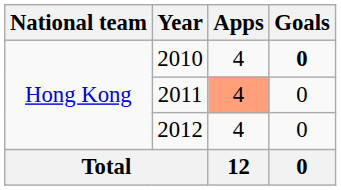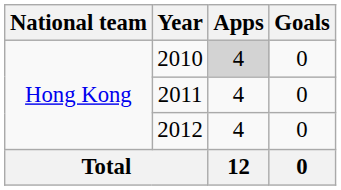 <table class="wikitable" style="text-align:center">
 <tr>
 <th>National team</th>
 <th>Year</th>
 <th>Apps</th>
 <th>Goals</th>
 </tr>
 <tr>
 <td rowspan="3"><a href='#'>Hong Kong</a></td>
 <td>2010</td>
-<td>4</td>
-<td><strong>0</strong></td>
+<td style="background: lightgrey;">4</td>
+<td>0</td>
 </tr>
 <tr>
 <td>2011</td>
-<td style="background: lightsalmon;">4</td>
+<td>4</td>
 <td>0</td>
 </tr>
 <tr>
 <td>2012</td>
 <td>4</td>
 <td>0</td>
 </tr>
 <tr>
 <th colspan=2>Total</th>
 <th>12</th>
 <th>0</th>
 </tr>
 </table>
